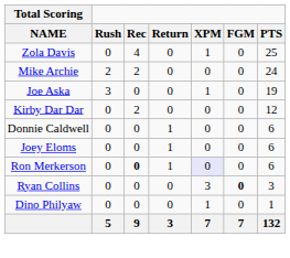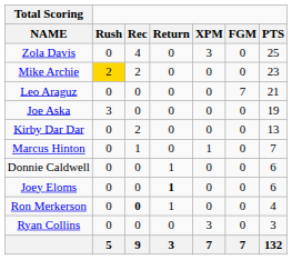 <table class="wikitable sortable" style="text-align:center;">
 <tr>
 <th style="text-align:center;">Total Scoring</th>
 </tr>
 <tr>
 <th>NAME</th>
 <th>Rush</th>
 <th>Rec</th>
 <th>Return</th>
 <th>XPM</th>
 <th>FGM</th>
 <th>PTS</th>
 </tr>
 <tr>
 <td><a href='#'>Zola Davis</a></td>
 <td>0</td>
 <td>4</td>
 <td>0</td>
-<td>1</td>
+<td>3</td>
 <td>0</td>
 <td>25</td>
 </tr>
 <tr>
 <td><a href='#'>Mike Archie</a></td>
-<td>2</td>
+<td style="background: gold;">2</td>
 <td>2</td>
 <td>0</td>
 <td>0</td>
 <td>0</td>
-<td>24</td>
+<td>23</td>
+</tr>
+<tr>
+<td><a href='#'>Leo Araguz</a></td>
+<td>0</td>
+<td>0</td>
+<td>0</td>
+<td>0</td>
+<td>7</td>
+<td>21</td>
 </tr>
 <tr>
 <td><a href='#'>Joe Aska</a></td>
 <td>3</td>
 <td>0</td>
 <td>0</td>
-<td>1</td>
+<td>0</td>
 <td>0</td>
 <td>19</td>
 </tr>
 <tr>
 <td><a href='#'>Kirby Dar Dar</a></td>
 <td>0</td>
 <td>2</td>
 <td>0</td>
 <td>0</td>
 <td>0</td>
-<td>12</td>
+<td>13</td>
+</tr>
+<tr>
+<td><a href='#'>Marcus Hinton</a></td>
+<td>0</td>
+<td>1</td>
+<td>0</td>
+<td>1</td>
+<td>0</td>
+<td>7</td>
 </tr>
 <tr>
 <td>Donnie Caldwell</td>
 <td>0</td>
 <td>0</td>
 <td><abbr>1</abbr></td>
 <td>0</td>
 <td>0</td>
 <td>6</td>
 </tr>
 <tr>
 <td><a href='#'>Joey Eloms</a></td>
 <td>0</td>
 <td>0</td>
-<td><abbr>1</abbr></td>
+<td><strong><abbr>1</abbr></strong></td>
 <td>0</td>
 <td>0</td>
 <td>6</td>
 </tr>
 <tr>
 <td><a href='#'>Ron Merkerson</a></td>
 <td>0</td>
 <td><strong>0</strong></td>
 <td><abbr>1</abbr></td>
-<td style="background: lavender;">0</td>
 <td>0</td>
-<td>6</td>
+<td>0</td>
+<td>4</td>
 </tr>
 <tr>
 <td><a href='#'>Ryan Collins</a></td>
 <td>0</td>
 <td>0</td>
 <td>0</td>
 <td>3</td>
-<td><strong>0</strong></td>
+<td>0</td>
 <td>3</td>
-</tr>
-<tr>
-<td><a href='#'>Dino Philyaw</a></td>
-<td>0</td>
-<td>0</td>
-<td>0</td>
-<td>1</td>
-<td>0</td>
-<td>1</td>
 </tr>
 <tr>
 <th colspan="1"></th>
 <th>5</th>
 <th>9</th>
 <th>3</th>
 <th>7</th>
 <th>7</th>
 <th><abbr>132</abbr></th>
 </tr>
 </table>
